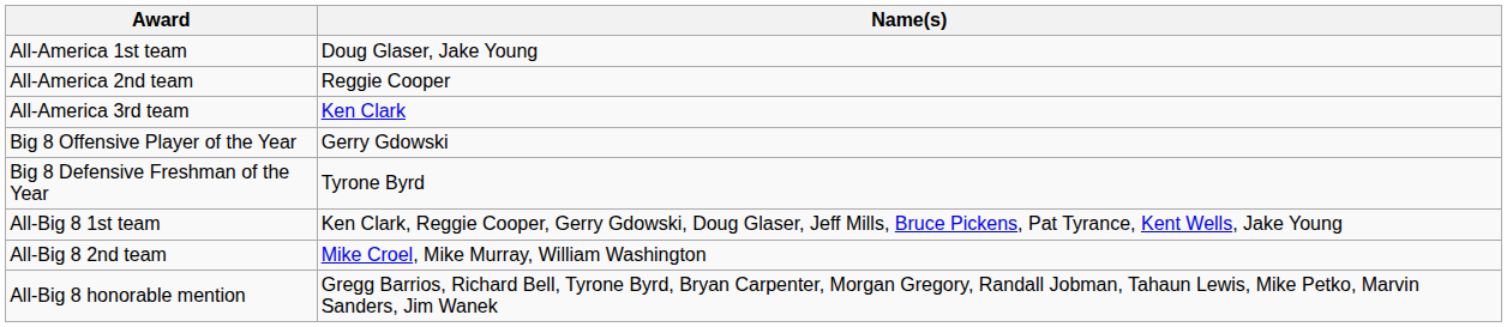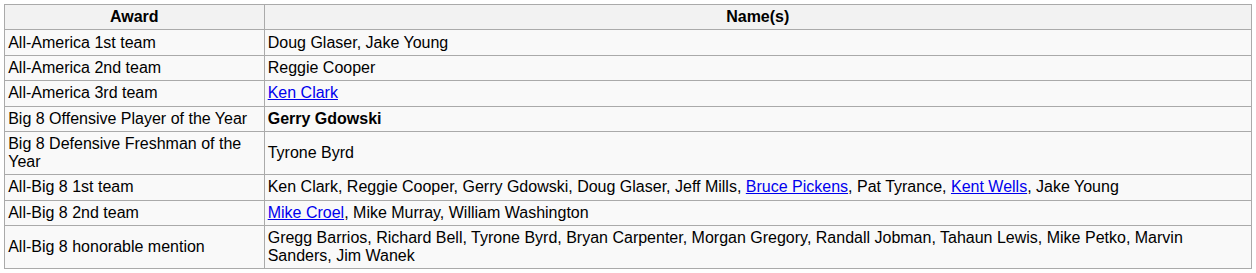 <table class="wikitable">
 <tr>
 <th>Award</th>
 <th>Name(s)</th>
 </tr>
 <tr>
 <td>All-America 1st team</td>
 <td>Doug Glaser, Jake Young</td>
 </tr>
 <tr>
 <td>All-America 2nd team</td>
 <td>Reggie Cooper</td>
 </tr>
 <tr>
 <td>All-America 3rd team</td>
 <td><a href='#'>Ken Clark</a></td>
 </tr>
 <tr>
 <td>Big 8 Offensive Player of the Year</td>
-<td>Gerry Gdowski</td>
+<td><strong>Gerry Gdowski</strong></td>
 </tr>
 <tr>
 <td>Big 8 Defensive Freshman of the Year</td>
 <td>Tyrone Byrd</td>
 </tr>
 <tr>
 <td>All-Big 8 1st team</td>
 <td>Ken Clark, Reggie Cooper, Gerry Gdowski, Doug Glaser, Jeff Mills, <a href='#'>Bruce Pickens</a>, Pat Tyrance, <a href='#'>Kent Wells</a>, Jake Young</td>
 </tr>
 <tr>
 <td>All-Big 8 2nd team</td>
 <td><a href='#'>Mike Croel</a>, Mike Murray, William Washington</td>
 </tr>
 <tr>
 <td>All-Big 8 honorable mention</td>
 <td>Gregg Barrios, Richard Bell, Tyrone Byrd, Bryan Carpenter, Morgan Gregory, Randall Jobman, Tahaun Lewis, Mike Petko, Marvin Sanders, Jim Wanek</td>
 </tr>
 </table>
